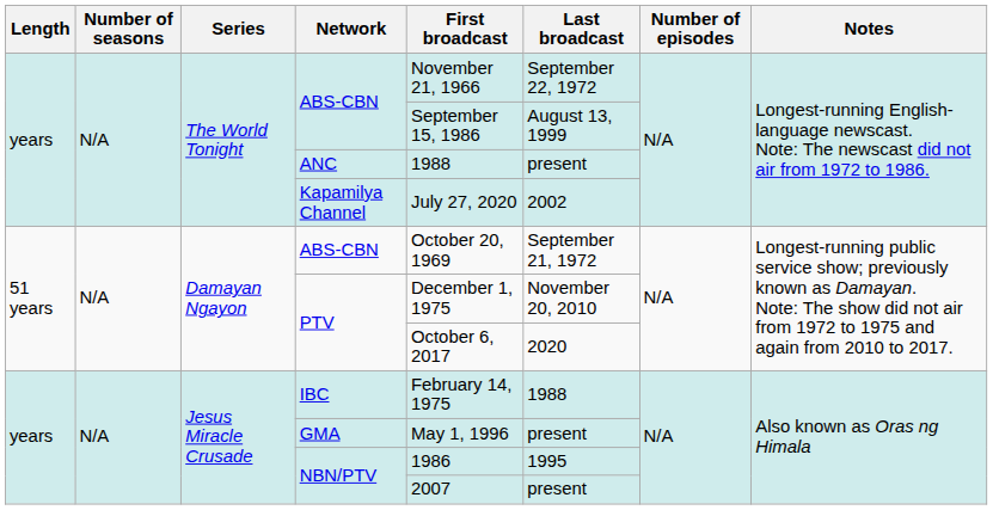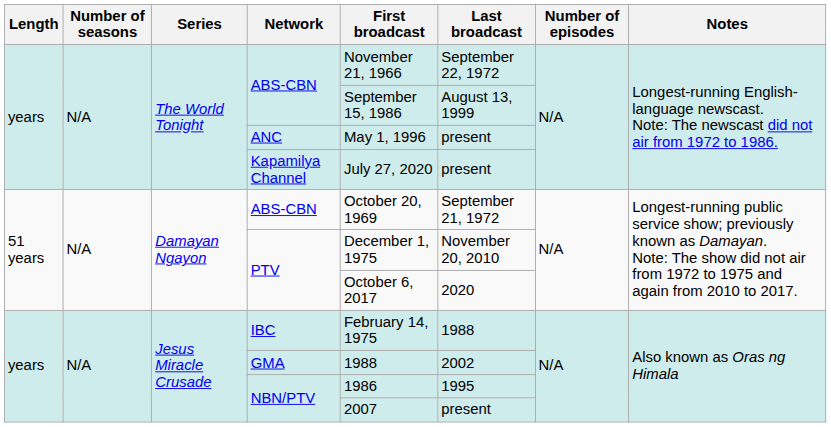 <table class="wikitable sortable" width="100%">
 <tr>
 <th>Length</th>
 <th>Number of seasons</th>
 <th>Series</th>
 <th>Network</th>
 <th>First broadcast</th>
 <th>Last broadcast</th>
 <th>Number of episodes</th>
 <th class="unsortable">Notes</th>
 </tr>
 <tr bgcolor="#cfecec">
 <td rowspan="4"> years</td>
 <td rowspan="4">N/A</td>
 <td rowspan="4"><em><a href='#'>The World Tonight</a></em></td>
 <td rowspan="2"><a href='#'>ABS-CBN</a></td>
 <td>November 21, 1966</td>
 <td>September 22, 1972</td>
 <td rowspan="4">N/A</td>
 <td rowspan="4">Longest-running English-language newscast. <br> Note: The newscast <a href='#'>did not air from 1972 to 1986.</a></td>
 </tr>
 <tr bgcolor="#cfecec">
 <td>September 15, 1986</td>
 <td>August 13, 1999</td>
 </tr>
 <tr bgcolor="#cfecec">
 <td><a href='#'>ANC</a></td>
-<td>1988</td>
+<td>May 1, 1996</td>
 <td>present</td>
 </tr>
 <tr bgcolor="#cfecec">
 <td><a href='#'>Kapamilya Channel</a></td>
 <td>July 27, 2020</td>
-<td>2002</td>
+<td>present</td>
 </tr>
 <tr>
 <td rowspan="3">51 years</td>
 <td rowspan="3">N/A</td>
 <td rowspan="3"><em><a href='#'>Damayan Ngayon</a></em></td>
 <td><a href='#'>ABS-CBN</a></td>
 <td>October 20, 1969</td>
 <td>September 21, 1972</td>
 <td rowspan="3">N/A</td>
 <td rowspan="3">Longest-running public service show; previously known as <em>Damayan</em>.<br> Note: The show did not air from 1972 to 1975 and again from 2010 to 2017.</td>
 </tr>
 <tr>
 <td rowspan="2"><a href='#'>PTV</a></td>
 <td>December 1, 1975</td>
 <td>November 20, 2010</td>
 </tr>
 <tr>
 <td>October 6, 2017</td>
 <td>2020</td>
 </tr>
 <tr bgcolor="#cfecec">
 <td rowspan="4"> years</td>
 <td rowspan="4">N/A</td>
 <td rowspan="4"><em><a href='#'>Jesus Miracle Crusade</a></em></td>
 <td><a href='#'>IBC</a></td>
 <td>February 14, 1975</td>
 <td>1988</td>
 <td rowspan="4">N/A</td>
 <td rowspan="4">Also known as <em>Oras ng Himala</em></td>
 </tr>
 <tr bgcolor="#cfecec">
 <td><a href='#'>GMA</a></td>
-<td>May 1, 1996</td>
-<td>present</td>
+<td>1988</td>
+<td>2002</td>
 </tr>
 <tr bgcolor="#cfecec">
 <td rowspan="2"><a href='#'>NBN/PTV</a></td>
 <td>1986</td>
 <td>1995</td>
 </tr>
 <tr bgcolor="#cfecec">
 <td>2007</td>
 <td>present</td>
 </tr>
 </table>
